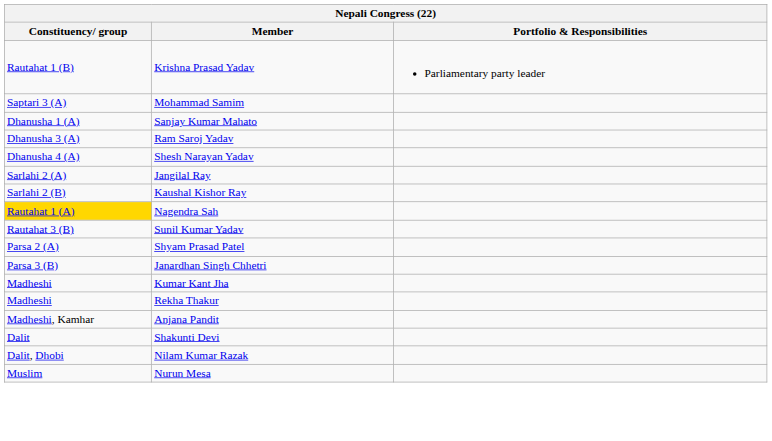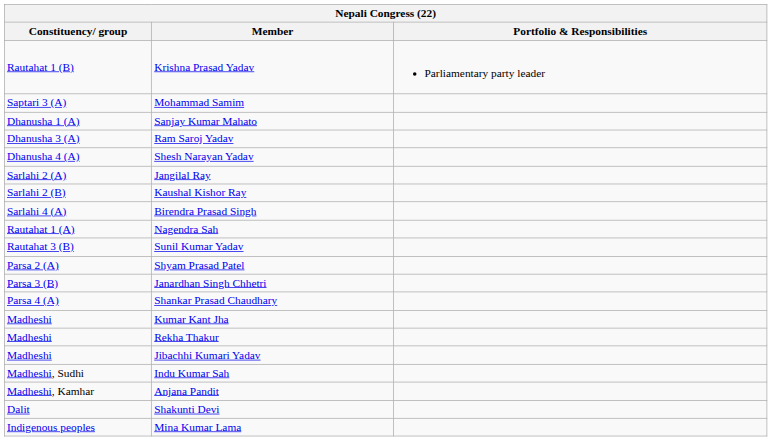 <table class="wikitable sortable mw-collapsible mw-collapsed">
 <tr>
 <th colspan="3" style="width: 800pt; background:">Nepali Congress (22)</th>
 </tr>
 <tr>
 <th style="width:150pt;">Constituency/ group</th>
 <th style="width:250pt;">Member</th>
 <th>Portfolio & Responsibilities</th>
 </tr>
 <tr>
 <td><a href='#'>Rautahat 1 (B)</a></td>
 <td><a href='#'>Krishna Prasad Yadav</a></td>
 <td><br><ul><li>Parliamentary party leader</li></ul></td>
 </tr>
 <tr>
 <td><a href='#'>Saptari 3 (A)</a></td>
 <td><a href='#'>Mohammad Samim</a></td>
 <td></td>
 </tr>
 <tr>
 <td><a href='#'>Dhanusha 1 (A)</a></td>
 <td><a href='#'>Sanjay Kumar Mahato</a></td>
 <td></td>
 </tr>
 <tr>
 <td><a href='#'>Dhanusha 3 (A)</a></td>
 <td><a href='#'>Ram Saroj Yadav</a></td>
 <td></td>
 </tr>
 <tr>
 <td><a href='#'>Dhanusha 4 (A)</a></td>
 <td><a href='#'>Shesh Narayan Yadav</a></td>
 <td></td>
 </tr>
 <tr>
 <td><a href='#'>Sarlahi 2 (A)</a></td>
 <td><a href='#'>Jangilal Ray</a></td>
 <td></td>
 </tr>
 <tr>
 <td><a href='#'>Sarlahi 2 (B)</a></td>
 <td><a href='#'>Kaushal Kishor Ray</a></td>
 <td></td>
 </tr>
 <tr>
-<td style="background: gold;"><a href='#'>Rautahat 1 (A)</a></td>
+<td><a href='#'>Sarlahi 4 (A)</a></td>
+<td><a href='#'>Birendra Prasad Singh</a></td>
+<td></td>
+</tr>
+<tr>
+<td><a href='#'>Rautahat 1 (A)</a></td>
 <td><a href='#'>Nagendra Sah</a></td>
 <td></td>
 </tr>
 <tr>
 <td><a href='#'>Rautahat 3 (B)</a></td>
 <td><a href='#'>Sunil Kumar Yadav</a></td>
 <td></td>
 </tr>
 <tr>
 <td><a href='#'>Parsa 2 (A)</a></td>
 <td><a href='#'>Shyam Prasad Patel</a></td>
 <td></td>
 </tr>
 <tr>
 <td><a href='#'>Parsa 3 (B)</a></td>
 <td><a href='#'>Janardhan Singh Chhetri</a></td>
 <td></td>
 </tr>
 <tr>
+<td><a href='#'>Parsa 4 (A)</a></td>
+<td><a href='#'>Shankar Prasad Chaudhary</a></td>
+<td></td>
+</tr>
+<tr>
 <td><a href='#'>Madheshi</a></td>
 <td><a href='#'>Kumar Kant Jha</a></td>
 <td></td>
 </tr>
 <tr>
 <td><a href='#'>Madheshi</a></td>
 <td><a href='#'>Rekha Thakur</a></td>
+<td></td>
+</tr>
+<tr>
+<td><a href='#'>Madheshi</a></td>
+<td><a href='#'>Jibachhi Kumari Yadav</a></td>
+<td></td>
+</tr>
+<tr>
+<td><a href='#'>Madheshi</a>, Sudhi</td>
+<td><a href='#'>Indu Kumar Sah</a></td>
 <td></td>
 </tr>
 <tr>
 <td><a href='#'>Madheshi</a>, Kamhar</td>
 <td><a href='#'>Anjana Pandit</a></td>
 <td></td>
 </tr>
 <tr>
 <td><a href='#'>Dalit</a></td>
 <td><a href='#'>Shakunti Devi</a></td>
 <td></td>
 </tr>
 <tr>
-<td><a href='#'>Dalit</a>, <a href='#'>Dhobi</a></td>
-<td><a href='#'>Nilam Kumar Razak</a></td>
-<td></td>
-</tr>
-<tr>
-<td><a href='#'>Muslim</a></td>
-<td><a href='#'>Nurun Mesa</a></td>
+<td><a href='#'>Indigenous peoples</a></td>
+<td><a href='#'>Mina Kumar Lama</a></td>
 <td></td>
 </tr>
 </table>
